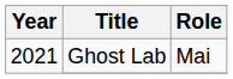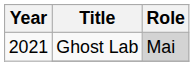 <table class="wikitable">
 <tr>
 <th>Year</th>
 <th>Title</th>
 <th>Role</th>
 </tr>
 <tr>
 <td rowspan="2">2021</td>
 <td>Ghost Lab</td>
-<td>Mai</td>
+<td style="background: lightgrey;">Mai</td>
 </tr>
 <tr>
 </tr>
 </table>
